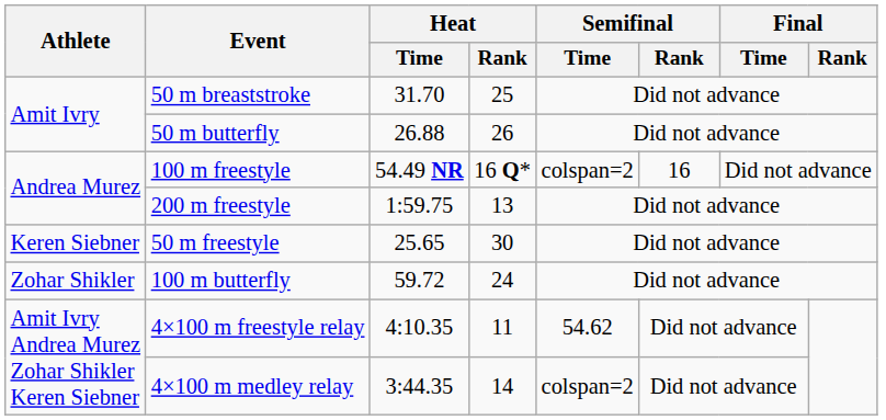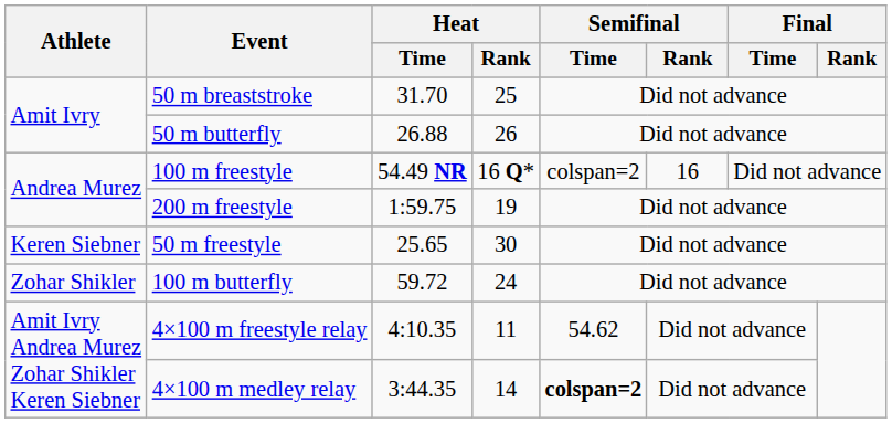 <table class=wikitable style="font-size:90%">
 <tr>
 <th rowspan="2">Athlete</th>
 <th rowspan="2">Event</th>
 <th colspan="2">Heat</th>
 <th colspan="2">Semifinal</th>
 <th colspan="2">Final</th>
 </tr>
 <tr style="font-size:95%">
 <th>Time</th>
 <th>Rank</th>
 <th>Time</th>
 <th>Rank</th>
 <th>Time</th>
 <th>Rank</th>
 </tr>
 <tr align=center>
 <td align=left rowspan=2><a href='#'>Amit Ivry</a></td>
 <td align=left><a href='#'>50 m breaststroke</a></td>
 <td>31.70</td>
 <td>25</td>
 <td colspan=4>Did not advance</td>
 </tr>
 <tr align=center>
 <td align=left><a href='#'>50 m butterfly</a></td>
 <td>26.88</td>
 <td>26</td>
 <td colspan=4>Did not advance</td>
 </tr>
 <tr align=center>
 <td align=left rowspan=2><a href='#'>Andrea Murez</a></td>
 <td align=left><a href='#'>100 m freestyle</a></td>
 <td>54.49 <strong><a href='#'>NR</a></strong></td>
 <td>16 <strong>Q</strong>*</td>
 <td>colspan=2 </td>
 <td>16</td>
 <td colspan=2>Did not advance</td>
 </tr>
 <tr align=center>
 <td align=left><a href='#'>200 m freestyle</a></td>
 <td>1:59.75</td>
-<td>13</td>
+<td>19</td>
 <td colspan=4>Did not advance</td>
 </tr>
 <tr align=center>
 <td align=left><a href='#'>Keren Siebner</a></td>
 <td align=left><a href='#'>50 m freestyle</a></td>
 <td>25.65</td>
 <td>30</td>
 <td colspan=4>Did not advance</td>
 </tr>
 <tr align=center>
 <td align=left><a href='#'>Zohar Shikler</a></td>
 <td align=left><a href='#'>100 m butterfly</a></td>
 <td>59.72</td>
 <td>24</td>
 <td colspan=4>Did not advance</td>
 </tr>
 <tr align=center>
 <td align=left rowspan=2><a href='#'>Amit Ivry</a><br><a href='#'>Andrea Murez</a><br><a href='#'>Zohar Shikler</a><br><a href='#'>Keren Siebner</a></td>
 <td align=left><a href='#'>4×100 m freestyle relay</a></td>
 <td>4:10.35</td>
 <td>11</td>
 <td>54.62</td>
 <td colspan=2>Did not advance</td>
 </tr>
 <tr align=center>
 <td align=left><a href='#'>4×100 m medley relay</a></td>
 <td>3:44.35</td>
 <td>14</td>
-<td>colspan=2 </td>
+<td><strong>colspan=2 </strong></td>
 <td colspan=2>Did not advance</td>
 </tr>
 </table>
